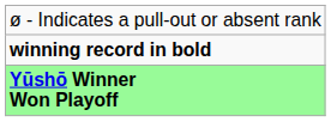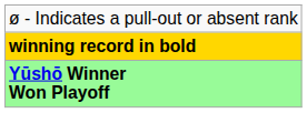 <table class="wikitable">
 <tr>
 <td>ø - Indicates a pull-out or absent rank</td>
 </tr>
 <tr>
-<td><strong>winning record in bold</strong></td>
+<td style="background: gold;"><strong>winning record in bold</strong></td>
 </tr>
 <tr>
 <td style="background: PaleGreen;"><strong><a href='#'>Yūshō</a> Winner</strong><br><strong>Won Playoff</strong></td>
 </tr>
 </table>
